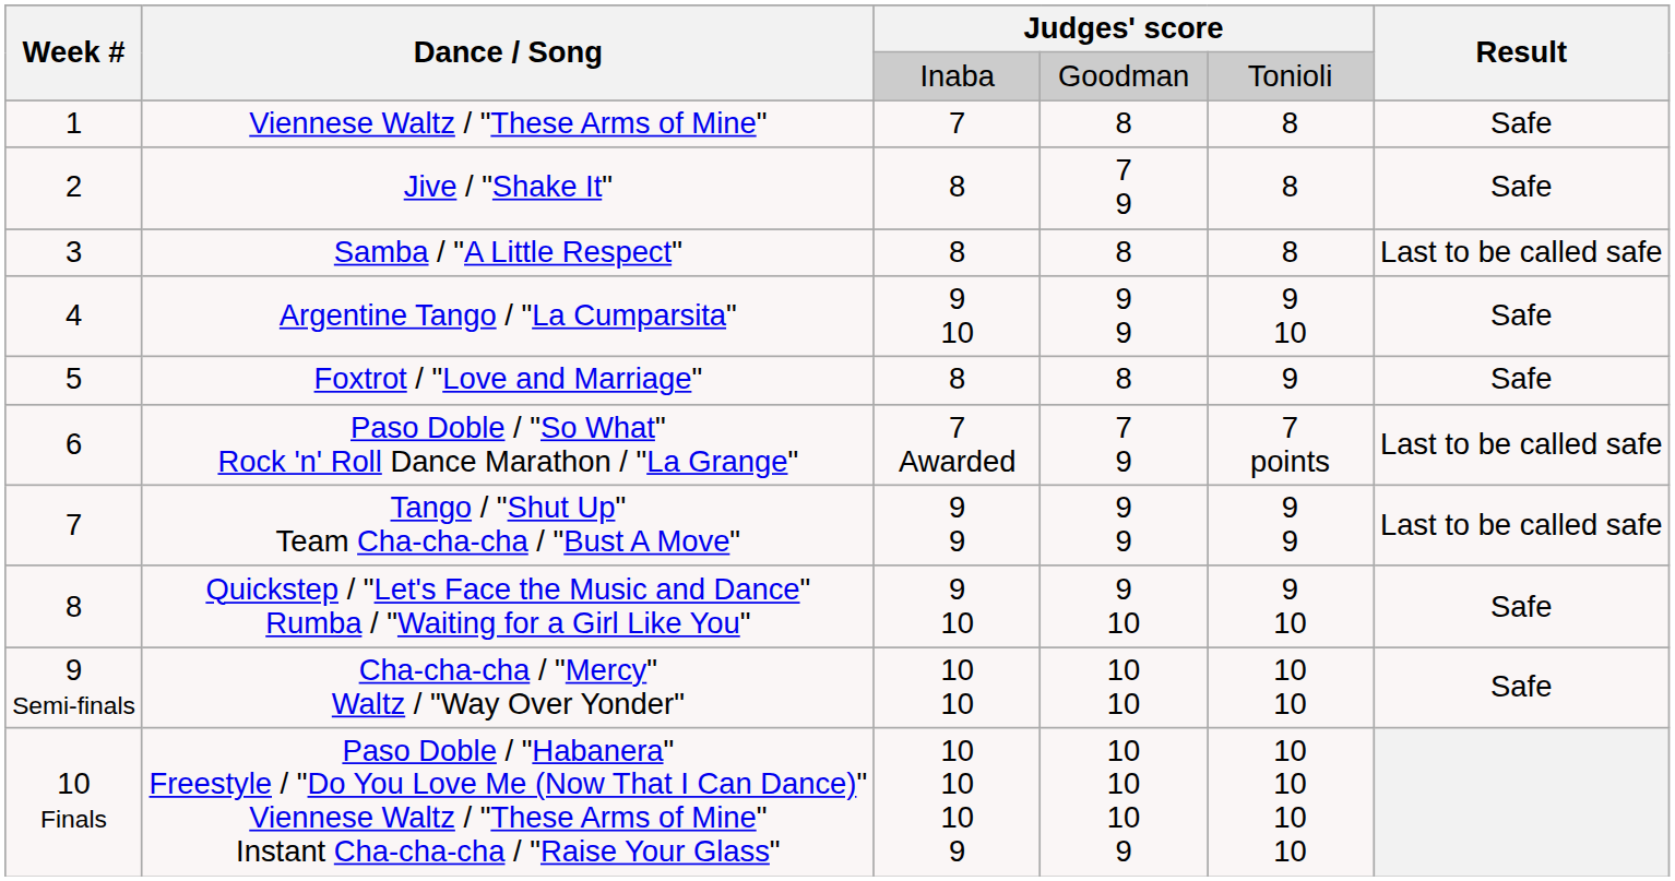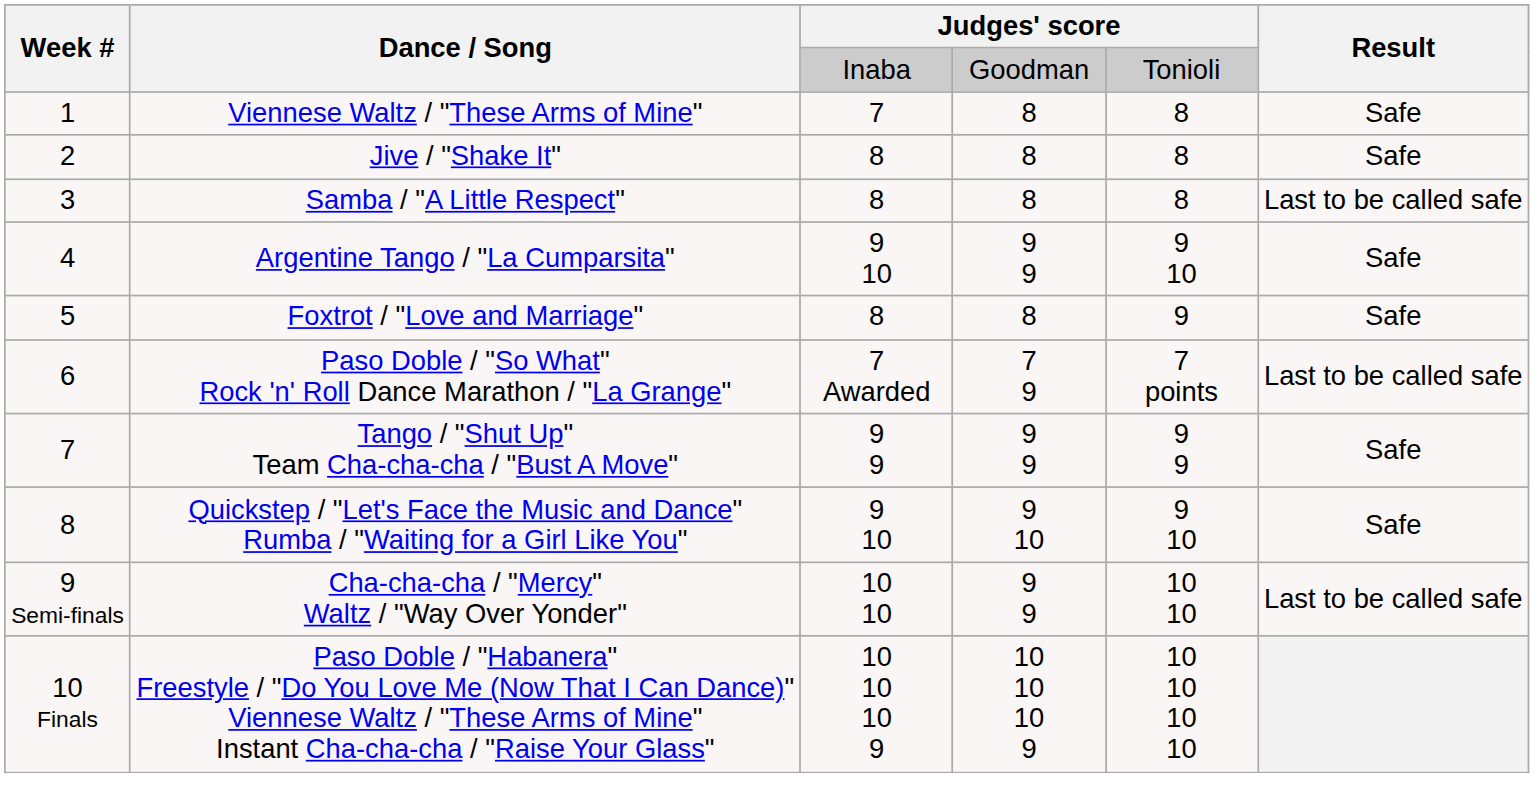 <table class="wikitable" style="text-align:center">
 <tr style="text-align:Center; background:#ccc;">
 <th rowspan=2>Week #</th>
 <th rowspan=2>Dance / Song</th>
 <th colspan=3>Judges' score</th>
 <th rowspan=2>Result</th>
 </tr>
 <tr style="text-align:center; background:#ccc;">
 <td style="width:10%; ">Inaba</td>
 <td style="width:10%; ">Goodman</td>
 <td style="width:10%; ">Tonioli</td>
 </tr>
 <tr style="text-align:center; background:#faf6f6;">
 <td>1</td>
 <td><a href='#'>Viennese Waltz</a> / "<a href='#'>These Arms of Mine</a>"</td>
 <td>7</td>
 <td>8</td>
 <td>8</td>
 <td>Safe</td>
 </tr>
 <tr style="text-align:center; background:#faf6f6;">
 <td>2</td>
 <td><a href='#'>Jive</a> / "<a href='#'>Shake It</a>"</td>
 <td>8</td>
-<td>7<br>9</td>
+<td>8</td>
 <td>8</td>
 <td>Safe</td>
 </tr>
 <tr style="text-align:center; background:#faf6f6;">
 <td>3</td>
 <td><a href='#'>Samba</a> / "<a href='#'>A Little Respect</a>"</td>
 <td>8</td>
 <td>8</td>
 <td>8</td>
 <td>Last to be called safe</td>
 </tr>
 <tr style="text-align:center; background:#faf6f6; background:#faf6f6;">
 <td style="test-align:center' ">4</td>
 <td><a href='#'>Argentine Tango</a> / "<a href='#'>La Cumparsita</a>"</td>
 <td>9<br>10</td>
 <td>9<br>9</td>
 <td>9<br>10</td>
 <td>Safe</td>
 </tr>
 <tr style="text-align:center; background:#faf6f6;">
 <td>5</td>
 <td><a href='#'>Foxtrot</a> / "<a href='#'>Love and Marriage</a>"</td>
 <td>8</td>
 <td>8</td>
 <td>9</td>
 <td>Safe</td>
 </tr>
 <tr style="text-align:center; background:#faf6f6;">
 <td>6</td>
 <td><a href='#'>Paso Doble</a> / "<a href='#'>So What</a>" <br> <a href='#'>Rock 'n' Roll</a> Dance Marathon / "<a href='#'>La Grange</a>"</td>
 <td>7<br>Awarded</td>
 <td>7<br>9</td>
 <td>7<br>points</td>
 <td>Last to be called safe</td>
 </tr>
 <tr style="text-align: center; background:#faf6f6;">
 <td>7</td>
 <td><a href='#'>Tango</a> / "<a href='#'>Shut Up</a>" <br> Team <a href='#'>Cha-cha-cha</a> / "<a href='#'>Bust A Move</a>"</td>
 <td>9<br>9</td>
 <td>9<br>9</td>
 <td>9<br>9</td>
-<td>Last to be called safe</td>
+<td>Safe</td>
 </tr>
 <tr style="text-align: center; background:#faf6f6;">
 <td>8</td>
 <td><a href='#'>Quickstep</a> / "<a href='#'>Let's Face the Music and Dance</a>"<br><a href='#'>Rumba</a> / "<a href='#'>Waiting for a Girl Like You</a>"</td>
 <td>9<br>10</td>
 <td>9<br>10</td>
 <td>9<br>10</td>
 <td>Safe</td>
 </tr>
 <tr style="text-align: center; background:#faf6f6;">
 <td style="text-align:center; background:#faf6f6;">9<br><small>Semi-finals</small></td>
 <td><a href='#'>Cha-cha-cha</a> / "<a href='#'>Mercy</a>"<br><a href='#'>Waltz</a> / "Way Over Yonder"</td>
 <td>10<br>10</td>
+<td>9<br>9</td>
 <td>10<br>10</td>
-<td>10<br>10</td>
-<td>Safe</td>
+<td>Last to be called safe</td>
 </tr>
 <tr style="text-align: center; background:#faf6f6;">
 <td style="text-align:center; background:#faf6f6;">10<br><small>Finals</small></td>
 <td><a href='#'>Paso Doble</a> / "<a href='#'>Habanera</a>"<br><a href='#'>Freestyle</a> / "<a href='#'>Do You Love Me (Now That I Can Dance)</a>"<br><a href='#'>Viennese Waltz</a> / "<a href='#'>These Arms of Mine</a>"<br> Instant <a href='#'>Cha-cha-cha</a> / "<a href='#'>Raise Your Glass</a>"</td>
 <td>10<br>10<br>10<br>9</td>
 <td>10<br>10<br>10<br>9</td>
 <td>10<br>10<br>10<br>10</td>
 <th></th>
 </tr>
 </table>
